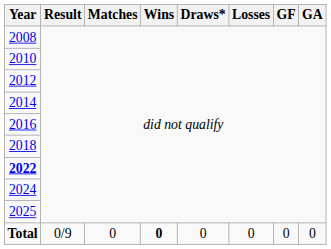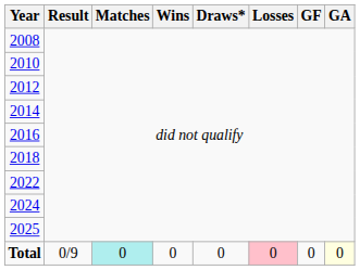 <table class="wikitable" style="text-align: center;">
 <tr>
 <th>Year</th>
 <th>Result</th>
 <th>Matches</th>
 <th>Wins</th>
 <th>Draws*</th>
 <th>Losses</th>
 <th>GF</th>
 <th>GA</th>
 </tr>
 <tr>
 <td> <a href='#'>2008</a></td>
 <td colspan=7 rowspan=9><em>did not qualify</em></td>
 </tr>
 <tr>
 <td> <a href='#'>2010</a></td>
 </tr>
 <tr>
 <td> <a href='#'>2012</a></td>
 </tr>
 <tr>
 <td> <a href='#'>2014</a></td>
 </tr>
 <tr>
 <td> <a href='#'>2016</a></td>
 </tr>
 <tr>
 <td> <a href='#'>2018</a></td>
 </tr>
 <tr>
-<td><strong> <a href='#'>2022</a></strong></td>
+<td> <a href='#'>2022</a></td>
 </tr>
 <tr>
 <td> <a href='#'>2024</a></td>
 </tr>
 <tr>
 <td> <a href='#'>2025</a></td>
 </tr>
 <tr>
 <td><strong>Total</strong></td>
 <td>0/9</td>
-<td>0</td>
-<td><strong>0</strong></td>
+<td style="background: paleturquoise;">0</td>
 <td>0</td>
 <td>0</td>
+<td style="background: pink;">0</td>
 <td>0</td>
-<td>0</td>
+<td style="background: lightyellow;">0</td>
 </tr>
 </table>
